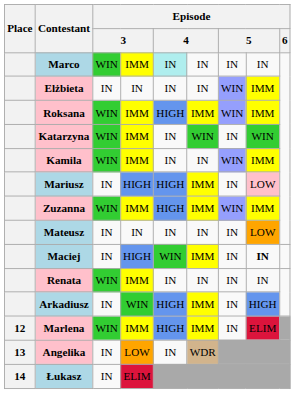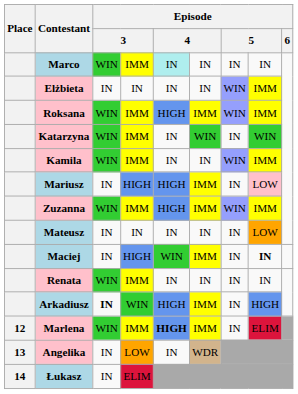 <table class="wikitable" style="text-align: center; font-size: 9pt; line-height:20px;">
 <tr>
 <th rowspan="2">Place</th>
 <th rowspan="2">Contestant</th>
 <th colspan="7">Episode</th>
 </tr>
 <tr>
 <th colspan="2">3</th>
 <th colspan="2">4</th>
 <th colspan="2">5</th>
 <th>6</th>
 </tr>
 <tr>
 <th></th>
 <th style="background:lightblue">Marco</th>
 <td bgcolor=limegreen>WIN</td>
 <td bgcolor=yellow>IMM</td>
 <td style="background: paleturquoise;">IN</td>
 <td>IN</td>
 <td>IN</td>
 <td>IN</td>
 </tr>
 <tr>
 <th></th>
 <th style="background:pink">Elżbieta</th>
 <td>IN</td>
 <td>IN</td>
 <td>IN</td>
 <td>IN</td>
 <td bgcolor=#959FFD>WIN</td>
 <td bgcolor=yellow>IMM</td>
 </tr>
 <tr>
 <th></th>
 <th style="background:pink">Roksana</th>
 <td bgcolor=limegreen>WIN</td>
 <td bgcolor=yellow>IMM</td>
 <td bgcolor=cornflowerblue>HIGH</td>
 <td bgcolor=yellow>IMM</td>
 <td bgcolor=#959FFD>WIN</td>
 <td bgcolor=yellow>IMM</td>
 </tr>
 <tr>
 <th></th>
 <th style="background:pink">Katarzyna</th>
 <td bgcolor=limegreen>WIN</td>
 <td bgcolor=yellow>IMM</td>
 <td>IN</td>
 <td bgcolor=limegreen>WIN</td>
 <td>IN</td>
 <td bgcolor=limegreen>WIN</td>
 </tr>
 <tr>
 <th></th>
 <th style="background:pink">Kamila</th>
 <td bgcolor=limegreen>WIN</td>
 <td bgcolor=yellow>IMM</td>
 <td>IN</td>
 <td>IN</td>
 <td bgcolor=#959FFD>WIN</td>
 <td bgcolor=yellow>IMM</td>
 </tr>
 <tr>
 <th></th>
 <th style="background:lightblue">Mariusz</th>
 <td>IN</td>
 <td bgcolor=cornflowerblue>HIGH</td>
 <td bgcolor=cornflowerblue>HIGH</td>
 <td bgcolor=yellow>IMM</td>
 <td>IN</td>
 <td bgcolor=pink>LOW</td>
 </tr>
 <tr>
 <th></th>
 <th style="background:pink">Zuzanna</th>
 <td bgcolor=limegreen>WIN</td>
 <td bgcolor=yellow>IMM</td>
 <td bgcolor=cornflowerblue>HIGH</td>
 <td bgcolor=yellow>IMM</td>
 <td bgcolor=#959FFD>WIN</td>
 <td bgcolor=yellow>IMM</td>
 </tr>
 <tr>
 <th></th>
 <th style="background:lightblue">Mateusz</th>
 <td>IN</td>
 <td>IN</td>
 <td>IN</td>
 <td>IN</td>
 <td>IN</td>
 <td bgcolor=orange>LOW</td>
 </tr>
 <tr>
 <th></th>
 <th style="background:lightblue">Maciej</th>
 <td>IN</td>
 <td bgcolor=cornflowerblue>HIGH</td>
 <td bgcolor=limegreen>WIN</td>
 <td bgcolor=yellow>IMM</td>
 <td>IN</td>
 <td><strong>IN</strong></td>
 <td></td>
 </tr>
 <tr>
 <th></th>
 <th style="background:pink">Renata</th>
 <td bgcolor=limegreen>WIN</td>
 <td bgcolor=yellow>IMM</td>
 <td>IN</td>
 <td>IN</td>
 <td>IN</td>
 <td>IN</td>
 </tr>
 <tr>
 <th></th>
 <th style="background:lightblue">Arkadiusz</th>
-<td>IN</td>
+<td><strong>IN</strong></td>
 <td bgcolor=limegreen>WIN</td>
 <td bgcolor=cornflowerblue>HIGH</td>
 <td bgcolor=yellow>IMM</td>
 <td>IN</td>
 <td bgcolor=cornflowerblue>HIGH</td>
 </tr>
 <tr>
 <th>12</th>
 <th style="background:pink">Marlena</th>
 <td bgcolor=limegreen>WIN</td>
 <td bgcolor=yellow>IMM</td>
-<td bgcolor=cornflowerblue>HIGH</td>
+<td bgcolor=cornflowerblue><strong>HIGH</strong></td>
 <td bgcolor=yellow>IMM</td>
 <td>IN</td>
 <td bgcolor=crimson>ELIM</td>
 <td bgcolor="darkgrey"></td>
 </tr>
 <tr>
 <th>13</th>
 <th style="background:pink">Angelika</th>
 <td>IN</td>
 <td bgcolor=orange>LOW</td>
 <td>IN</td>
 <td bgcolor=tan>WDR</td>
 <td colspan="3" bgcolor="darkgrey"></td>
 </tr>
 <tr>
 <th>14</th>
 <th style="background:lightblue">Łukasz</th>
 <td>IN</td>
 <td bgcolor=crimson>ELIM</td>
 <td colspan="5" bgcolor="darkgrey"></td>
 </tr>
 </table>
